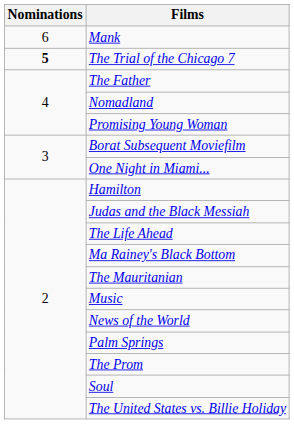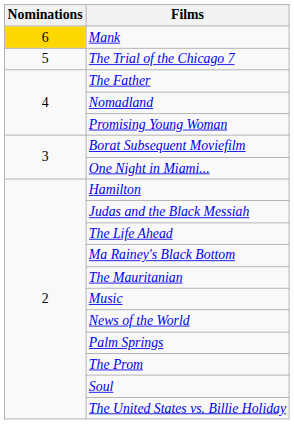 <table class="wikitable">
 <tr>
 <th>Nominations</th>
 <th>Films</th>
 </tr>
 <tr>
-<td style="text-align:center">6</td>
+<td style="background: gold; text-align:center">6</td>
 <td><em><a href='#'>Mank</a></em></td>
 </tr>
 <tr>
-<td style="text-align:center"><strong>5</strong></td>
+<td style="text-align:center">5</td>
 <td><em><a href='#'>The Trial of the Chicago 7</a></em></td>
 </tr>
 <tr>
 <td rowspan="3" style="text-align:center">4</td>
 <td><em><a href='#'>The Father</a></em></td>
 </tr>
 <tr>
 <td><em><a href='#'>Nomadland</a></em></td>
 </tr>
 <tr>
 <td><em><a href='#'>Promising Young Woman</a></em></td>
 </tr>
 <tr>
 <td rowspan="2" style="text-align:center">3</td>
 <td><em><a href='#'>Borat Subsequent Moviefilm</a></em></td>
 </tr>
 <tr>
 <td><em><a href='#'>One Night in Miami...</a></em></td>
 </tr>
 <tr>
 <td rowspan="11" style="text-align:center">2</td>
 <td><em><a href='#'>Hamilton</a></em></td>
 </tr>
 <tr>
 <td><em><a href='#'>Judas and the Black Messiah</a></em></td>
 </tr>
 <tr>
 <td><em><a href='#'>The Life Ahead</a></em></td>
 </tr>
 <tr>
 <td><em><a href='#'>Ma Rainey's Black Bottom</a></em></td>
 </tr>
 <tr>
 <td><em><a href='#'>The Mauritanian</a></em></td>
 </tr>
 <tr>
 <td><em><a href='#'>Music</a></em></td>
 </tr>
 <tr>
 <td><em><a href='#'>News of the World</a></em></td>
 </tr>
 <tr>
 <td><em><a href='#'>Palm Springs</a></em></td>
 </tr>
 <tr>
 <td><em><a href='#'>The Prom</a></em></td>
 </tr>
 <tr>
 <td><em><a href='#'>Soul</a></em></td>
 </tr>
 <tr>
 <td><em><a href='#'>The United States vs. Billie Holiday</a></em></td>
 </tr>
 </table>
